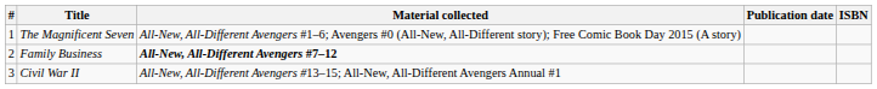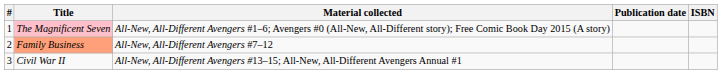 <table class="wikitable">
 <tr>
 <th>#</th>
 <th>Title</th>
 <th>Material collected</th>
 <th>Publication date</th>
 <th>ISBN</th>
 </tr>
 <tr>
 <td>1</td>
-<td><em>The Magnificent Seven</em></td>
+<td style="background: pink;"><em>The Magnificent Seven</em></td>
 <td><em>All-New, All-Different Avengers</em> #1–6; Avengers #0 (All-New, All-Different story); Free Comic Book Day 2015 (A story)</td>
 <td></td>
 <td></td>
 </tr>
 <tr>
 <td>2</td>
-<td><em>Family Business</em></td>
-<td><strong><em>All-New, All-Different Avengers</em> #7–12</strong></td>
+<td style="background: lightsalmon;"><em>Family Business</em></td>
+<td><em>All-New, All-Different Avengers</em> #7–12</td>
 <td></td>
 <td></td>
 </tr>
 <tr>
 <td>3</td>
 <td><em>Civil War II</em></td>
 <td><em>All-New, All-Different Avengers #</em>13–15; All-New, All-Different Avengers Annual #1</td>
 <td></td>
 <td></td>
 </tr>
 </table>
